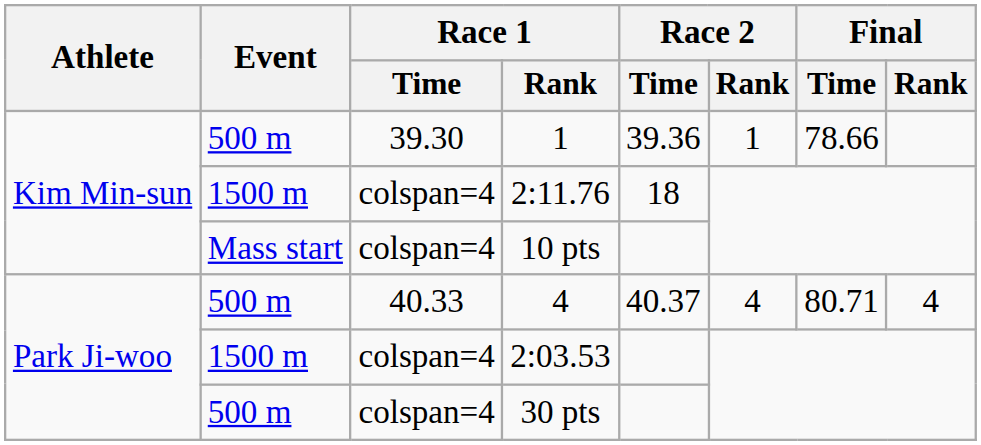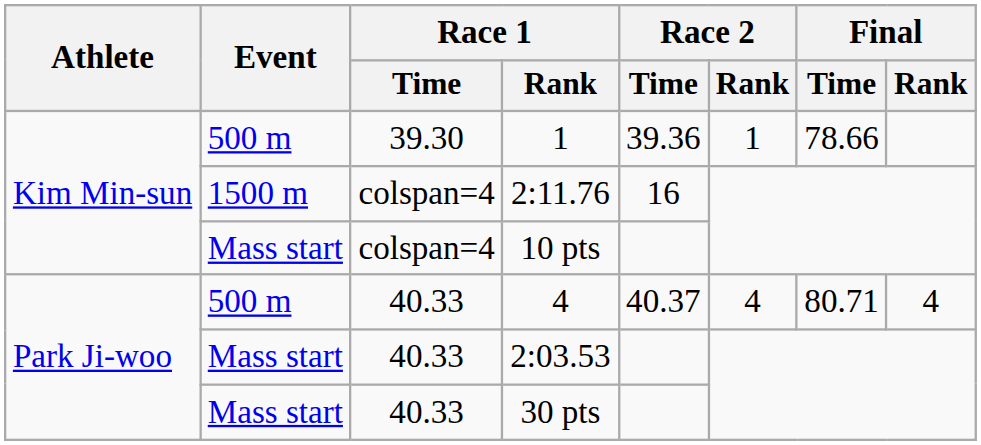 <table class="wikitable" style="font-size:90%">
 <tr>
 <th rowspan=2>Athlete</th>
 <th rowspan=2>Event</th>
 <th colspan=2>Race 1</th>
 <th colspan=2>Race 2</th>
 <th colspan=2>Final</th>
 </tr>
 <tr style="font-size:95%">
 <th>Time</th>
 <th>Rank</th>
 <th>Time</th>
 <th>Rank</th>
 <th>Time</th>
 <th>Rank</th>
 </tr>
 <tr align=center>
 <td align=left rowspan=3><a href='#'>Kim Min-sun</a></td>
 <td align=left><a href='#'>500 m</a></td>
 <td>39.30</td>
 <td>1</td>
 <td>39.36</td>
 <td>1</td>
 <td>78.66</td>
 <td></td>
 </tr>
 <tr align=center>
 <td align=left><a href='#'>1500 m</a></td>
 <td>colspan=4 </td>
 <td>2:11.76</td>
-<td>18</td>
+<td>16</td>
 </tr>
 <tr align=center>
 <td align=left><a href='#'>Mass start</a></td>
 <td>colspan=4 </td>
 <td>10 pts</td>
 <td></td>
 </tr>
 <tr align=center>
 <td align=left rowspan=3><a href='#'>Park Ji-woo</a></td>
 <td align=left><a href='#'>500 m</a></td>
 <td>40.33</td>
 <td>4</td>
 <td>40.37</td>
 <td>4</td>
 <td>80.71</td>
 <td>4</td>
 </tr>
 <tr align=center>
-<td align=left><a href='#'>1500 m</a></td>
-<td>colspan=4 </td>
+<td align=left><a href='#'>Mass start</a></td>
+<td>40.33</td>
 <td>2:03.53</td>
 <td></td>
 </tr>
 <tr align=center>
-<td align=left><a href='#'>500 m</a></td>
-<td>colspan=4 </td>
+<td align=left><a href='#'>Mass start</a></td>
+<td>40.33</td>
 <td>30 pts</td>
 <td></td>
 </tr>
 </table>
